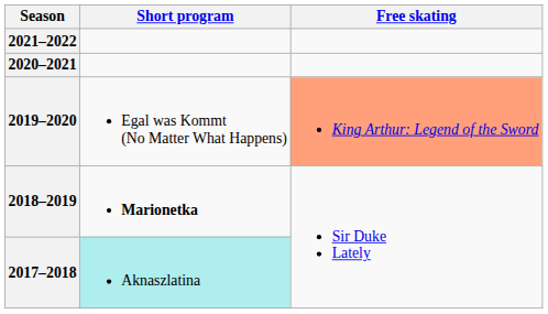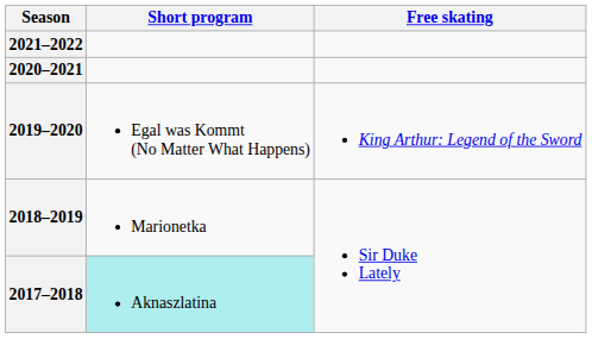 <table class="wikitable">
 <tr>
 <th>Season</th>
 <th><a href='#'>Short program</a></th>
 <th><a href='#'>Free skating</a></th>
 </tr>
 <tr>
 <th>2021–2022<br></th>
 <td></td>
 <td></td>
 </tr>
 <tr>
 <th>2020–2021<br></th>
 <td></td>
 <td></td>
 </tr>
 <tr>
 <th>2019–2020<br></th>
 <td><br><ul><li>Egal was Kommt<br>(No Matter What Happens)<br></li></ul></td>
-<td style="background: lightsalmon;"><br><ul><li><em><a href='#'>King Arthur: Legend of the Sword</a></em><br></li></ul></td>
+<td><br><ul><li><em><a href='#'>King Arthur: Legend of the Sword</a></em><br></li></ul></td>
 </tr>
 <tr>
 <th>2018–2019<br></th>
-<td><strong><br><ul><li>Marionetka<br></li></ul></strong></td>
+<td><br><ul><li>Marionetka<br></li></ul></td>
 <td rowspan=2><br><ul><li><a href='#'>Sir Duke</a></li><li><a href='#'>Lately</a><br></li></ul></td>
 </tr>
 <tr>
 <th>2017–2018<br></th>
 <td style="background: paleturquoise;"><br><ul><li>Aknaszlatina<br></li></ul></td>
 </tr>
 </table>
